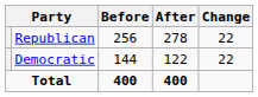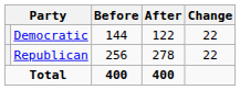 <table class="wikitable" style="text-align:center;">
 <tr>
 <th colspan="2">Party</th>
 <th>Before</th>
 <th>After</th>
 <th>Change</th>
 </tr>
 <tr>
 <th style="background-color:"></th>
-<td style="text-align:left;"><a href='#'>Republican</a></td>
-<td>256</td>
-<td>278</td>
+<td style="text-align:left;"><a href='#'>Democratic</a></td>
+<td>144</td>
+<td>122</td>
 <td> 22</td>
 </tr>
 <tr>
 <th style="background-color:"></th>
-<td style="text-align:left;"><a href='#'>Democratic</a></td>
-<td>144</td>
-<td>122</td>
+<td style="text-align:left;"><a href='#'>Republican</a></td>
+<td>256</td>
+<td>278</td>
 <td> 22</td>
 </tr>
 <tr>
 <td colspan="2"><strong>Total</strong></td>
 <td><strong>400</strong></td>
 <td><strong>400</strong></td>
 <td></td>
 </tr>
 </table>
